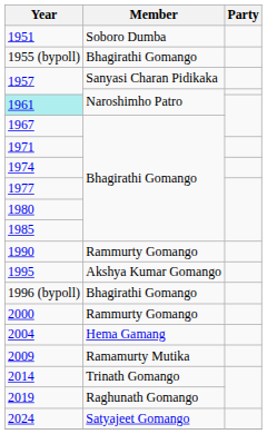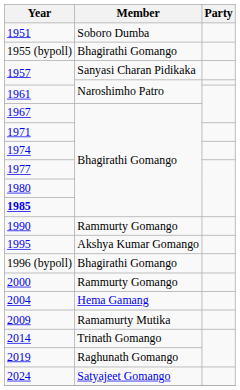 <table class="wikitable sortable">
 <tr>
 <th>Year</th>
 <th>Member</th>
 <th colspan=2>Party</th>
 </tr>
 <tr>
 <td><a href='#'>1951</a></td>
 <td>Soboro Dumba</td>
 <td></td>
 </tr>
 <tr>
 <td>1955 (bypoll)</td>
 <td>Bhagirathi Gomango</td>
 </tr>
 <tr>
 <td rowspan="2"><a href='#'>1957</a></td>
 <td>Sanyasi Charan Pidikaka</td>
 <td></td>
 </tr>
 <tr>
 <td rowspan=2>Naroshimho Patro</td>
 <td></td>
 </tr>
 <tr>
-<td style="background: paleturquoise;"><a href='#'>1961</a></td>
+<td><a href='#'>1961</a></td>
 </tr>
 <tr>
 <td><a href='#'>1967</a></td>
 <td rowspan=6>Bhagirathi Gomango</td>
 </tr>
 <tr>
 <td><a href='#'>1971</a></td>
 <td></td>
 </tr>
 <tr>
 <td><a href='#'>1974</a></td>
 <td></td>
 </tr>
 <tr>
 <td><a href='#'>1977</a></td>
 </tr>
 <tr>
 <td><a href='#'>1980</a></td>
 </tr>
 <tr>
-<td><a href='#'>1985</a></td>
+<td><strong><a href='#'>1985</a></strong></td>
 </tr>
 <tr>
 <td><a href='#'>1990</a></td>
 <td>Rammurty Gomango</td>
 <td></td>
 </tr>
 <tr>
 <td><a href='#'>1995</a></td>
 <td>Akshya Kumar Gomango</td>
 <td></td>
 </tr>
 <tr>
 <td>1996 (bypoll)</td>
 <td>Bhagirathi Gomango</td>
 <td></td>
 </tr>
 <tr>
 <td><a href='#'>2000</a></td>
 <td>Rammurty Gomango</td>
 <td></td>
 </tr>
 <tr>
 <td><a href='#'>2004</a></td>
 <td><a href='#'>Hema Gamang</a></td>
 <td></td>
 </tr>
 <tr>
 <td><a href='#'>2009</a></td>
 <td>Ramamurty Mutika</td>
 <td></td>
 </tr>
 <tr>
 <td><a href='#'>2014</a></td>
 <td>Trinath Gomango</td>
 </tr>
 <tr>
 <td><a href='#'>2019</a></td>
 <td>Raghunath Gomango</td>
 </tr>
 <tr>
 <td><a href='#'>2024</a></td>
 <td><a href='#'>Satyajeet Gomango</a></td>
 <td></td>
 </tr>
 <tr>
 </tr>
 </table>
